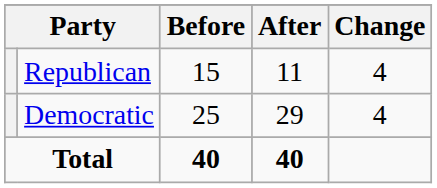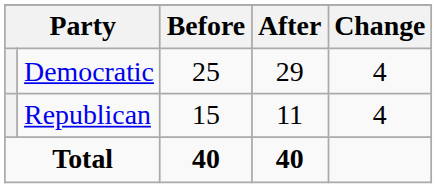 <table class="wikitable" style="text-align:center;">
 <tr>
 </tr>
 <tr>
 <th colspan=2>Party</th>
 <th>Before</th>
 <th>After</th>
 <th>Change</th>
 </tr>
 <tr>
 <th style="background-color:"></th>
-<td style="text-align:left;"><a href='#'>Republican</a></td>
-<td>15</td>
-<td>11</td>
+<td style="text-align:left;"><a href='#'>Democratic</a></td>
+<td>25</td>
+<td>29</td>
 <td> 4</td>
 </tr>
 <tr>
 <th style="background-color:"></th>
-<td style="text-align:left;"><a href='#'>Democratic</a></td>
-<td>25</td>
-<td>29</td>
+<td style="text-align:left;"><a href='#'>Republican</a></td>
+<td>15</td>
+<td>11</td>
 <td> 4</td>
 </tr>
 <tr>
 <td colspan=2><strong>Total</strong></td>
 <td><strong>40</strong></td>
 <td><strong>40</strong></td>
 <td></td>
 </tr>
 </table>
